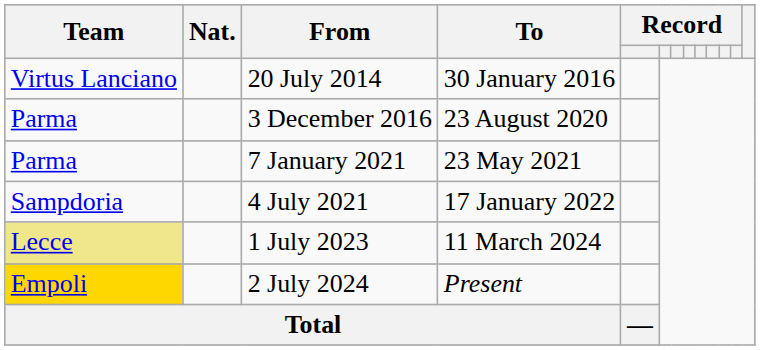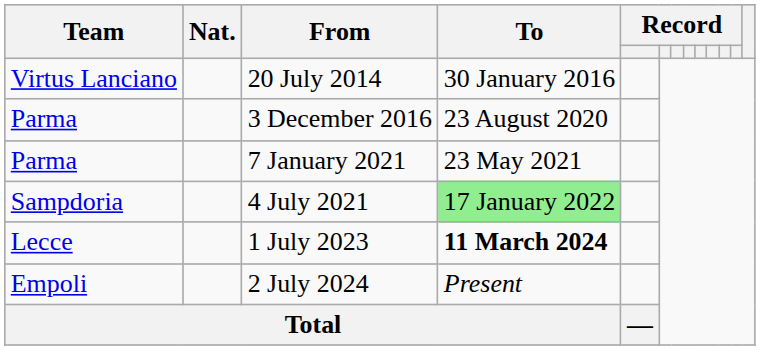 <table class="wikitable" style="text-align:center">
 <tr>
 <th rowspan="2">Team</th>
 <th rowspan="2">Nat.</th>
 <th rowspan="2">From</th>
 <th rowspan="2">To</th>
 <th colspan="8">Record</th>
 <th rowspan=2></th>
 </tr>
 <tr>
 <th></th>
 <th></th>
 <th></th>
 <th></th>
 <th></th>
 <th></th>
 <th></th>
 <th></th>
 </tr>
 <tr>
 <td align=left><a href='#'>Virtus Lanciano</a></td>
 <td></td>
 <td align=left>20 July 2014</td>
 <td align=left>30 January 2016<br></td>
 <td></td>
 </tr>
 <tr>
 <td align=left><a href='#'>Parma</a></td>
 <td></td>
 <td align=left>3 December 2016</td>
 <td align=left>23 August 2020<br></td>
 <td></td>
 </tr>
 <tr>
 <td align=left><a href='#'>Parma</a></td>
 <td></td>
 <td align=left>7 January 2021</td>
 <td align=left>23 May 2021<br></td>
 <td></td>
 </tr>
 <tr>
 <td align="left"><a href='#'>Sampdoria</a></td>
 <td></td>
 <td align=left>4 July 2021</td>
-<td align=left>17 January 2022<br></td>
+<td align=left style="background: lightgreen;">17 January 2022<br></td>
 <td></td>
 </tr>
 <tr>
-<td align="left" style="background: khaki;"><a href='#'>Lecce</a></td>
+<td align="left"><a href='#'>Lecce</a></td>
 <td></td>
 <td align=left>1 July 2023</td>
-<td align=left>11 March 2024<br></td>
+<td align=left><strong>11 March 2024<br></strong></td>
 <td></td>
 </tr>
 <tr>
-<td align=left style="background: gold;"><a href='#'>Empoli</a></td>
+<td align=left><a href='#'>Empoli</a></td>
 <td></td>
 <td align=left>2 July 2024</td>
 <td align=left><em>Present</em><br></td>
 <td></td>
 </tr>
 <tr>
 <th colspan="4">Total<br></th>
 <th>—</th>
 </tr>
 </table>
